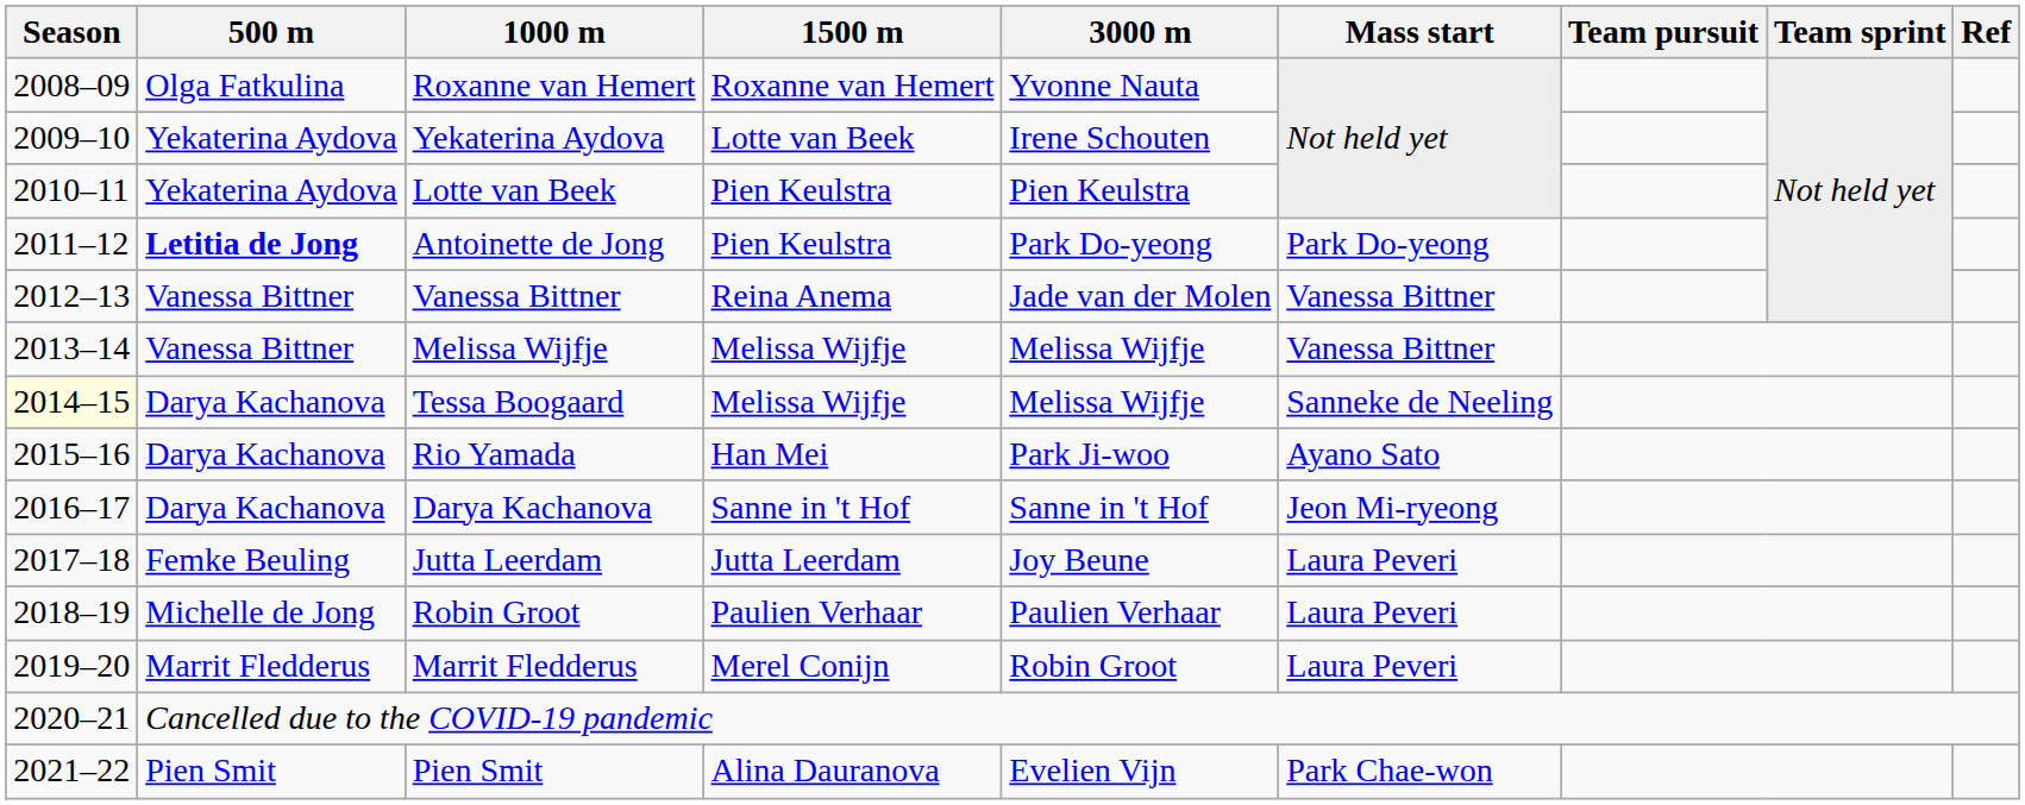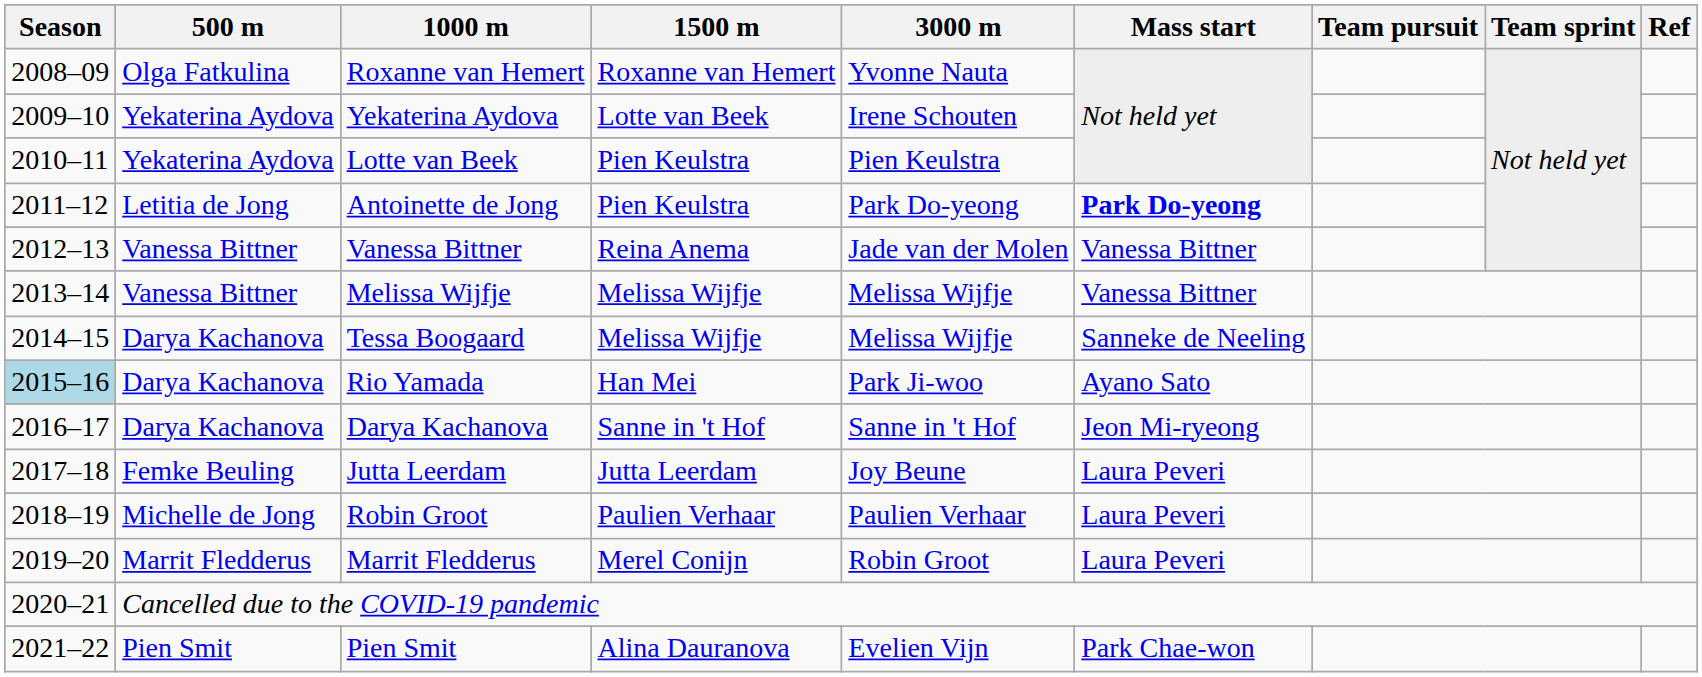 <table class="wikitable" 92%>
 <tr>
 <th>Season</th>
 <th>500 m</th>
 <th>1000 m</th>
 <th>1500 m</th>
 <th>3000 m</th>
 <th>Mass start</th>
 <th>Team pursuit</th>
 <th>Team sprint</th>
 <th>Ref</th>
 </tr>
 <tr>
 <td>2008–09</td>
 <td> <a href='#'>Olga Fatkulina</a></td>
 <td> <a href='#'>Roxanne van Hemert</a></td>
 <td> <a href='#'>Roxanne van Hemert</a></td>
 <td> <a href='#'>Yvonne Nauta</a></td>
 <td style="background:#eee;" rowspan="3"><em>Not held yet</em></td>
 <td></td>
 <td style="background:#eee;" rowspan="5"><em>Not held yet</em></td>
 <td></td>
 </tr>
 <tr>
 <td>2009–10</td>
 <td> <a href='#'>Yekaterina Aydova</a></td>
 <td> <a href='#'>Yekaterina Aydova</a></td>
 <td> <a href='#'>Lotte van Beek</a></td>
 <td> <a href='#'>Irene Schouten</a></td>
 <td></td>
 <td></td>
 </tr>
 <tr>
 <td>2010–11</td>
 <td> <a href='#'>Yekaterina Aydova</a></td>
 <td> <a href='#'>Lotte van Beek</a></td>
 <td> <a href='#'>Pien Keulstra</a></td>
 <td> <a href='#'>Pien Keulstra</a></td>
 <td></td>
 <td></td>
 </tr>
 <tr>
 <td>2011–12</td>
-<td><strong> <a href='#'>Letitia de Jong</a></strong></td>
+<td> <a href='#'>Letitia de Jong</a></td>
 <td> <a href='#'>Antoinette de Jong</a></td>
 <td> <a href='#'>Pien Keulstra</a></td>
 <td> <a href='#'>Park Do-yeong</a></td>
-<td> <a href='#'>Park Do-yeong</a></td>
+<td><strong> <a href='#'>Park Do-yeong</a></strong></td>
 <td></td>
 <td></td>
 </tr>
 <tr>
 <td>2012–13</td>
 <td> <a href='#'>Vanessa Bittner</a></td>
 <td> <a href='#'>Vanessa Bittner</a></td>
 <td> <a href='#'>Reina Anema</a></td>
 <td> <a href='#'>Jade van der Molen</a></td>
 <td> <a href='#'>Vanessa Bittner</a></td>
 <td></td>
 <td></td>
 </tr>
 <tr>
 <td>2013–14</td>
 <td> <a href='#'>Vanessa Bittner</a></td>
 <td> <a href='#'>Melissa Wijfje</a></td>
 <td> <a href='#'>Melissa Wijfje</a></td>
 <td> <a href='#'>Melissa Wijfje</a></td>
 <td> <a href='#'>Vanessa Bittner</a></td>
 <td colspan="2" style="text-align:center;"></td>
 <td></td>
 </tr>
 <tr>
-<td style="background: lightyellow;">2014–15</td>
+<td>2014–15</td>
 <td> <a href='#'>Darya Kachanova</a></td>
 <td> <a href='#'>Tessa Boogaard</a></td>
 <td> <a href='#'>Melissa Wijfje</a></td>
 <td> <a href='#'>Melissa Wijfje</a></td>
 <td> <a href='#'>Sanneke de Neeling</a></td>
 <td colspan="2" style="text-align:center;"></td>
 <td></td>
 </tr>
 <tr>
-<td>2015–16</td>
+<td style="background: lightblue;">2015–16</td>
 <td> <a href='#'>Darya Kachanova</a></td>
 <td> <a href='#'>Rio Yamada</a></td>
 <td> <a href='#'>Han Mei</a></td>
 <td> <a href='#'>Park Ji-woo</a></td>
 <td> <a href='#'>Ayano Sato</a></td>
 <td colspan="2" style="text-align:center;"></td>
 <td></td>
 </tr>
 <tr>
 <td>2016–17</td>
 <td> <a href='#'>Darya Kachanova</a></td>
 <td> <a href='#'>Darya Kachanova</a></td>
 <td> <a href='#'>Sanne in 't Hof</a></td>
 <td> <a href='#'>Sanne in 't Hof</a></td>
 <td> <a href='#'>Jeon Mi-ryeong</a></td>
 <td colspan="2" style="text-align:center;"></td>
 <td></td>
 </tr>
 <tr>
 <td>2017–18</td>
 <td> <a href='#'>Femke Beuling</a></td>
 <td> <a href='#'>Jutta Leerdam</a></td>
 <td> <a href='#'>Jutta Leerdam</a></td>
 <td> <a href='#'>Joy Beune</a></td>
 <td> <a href='#'>Laura Peveri</a></td>
 <td colspan="2" style="text-align:center;"></td>
 <td></td>
 </tr>
 <tr>
 <td>2018–19</td>
 <td> <a href='#'>Michelle de Jong</a></td>
 <td> <a href='#'>Robin Groot</a></td>
 <td> <a href='#'>Paulien Verhaar</a></td>
 <td> <a href='#'>Paulien Verhaar</a></td>
 <td> <a href='#'>Laura Peveri</a></td>
 <td colspan="2" style="text-align:center;"></td>
 <td></td>
 </tr>
 <tr>
 <td>2019–20</td>
 <td> <a href='#'>Marrit Fledderus</a></td>
 <td> <a href='#'>Marrit Fledderus</a></td>
 <td> <a href='#'>Merel Conijn</a></td>
 <td> <a href='#'>Robin Groot</a></td>
 <td> <a href='#'>Laura Peveri</a></td>
 <td colspan="2" style="text-align:center;"></td>
 <td></td>
 </tr>
 <tr>
 <td>2020–21</td>
 <td colspan=8><em>Cancelled due to the <a href='#'>COVID-19 pandemic</a></em></td>
 </tr>
 <tr>
 <td>2021–22</td>
 <td> <a href='#'>Pien Smit</a></td>
 <td> <a href='#'>Pien Smit</a></td>
 <td> <a href='#'>Alina Dauranova</a></td>
 <td> <a href='#'>Evelien Vijn</a></td>
 <td> <a href='#'>Park Chae-won</a></td>
 <td colspan="2" style="text-align:center;"></td>
 <td></td>
 </tr>
 </table>
